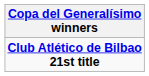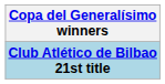 <table class="wikitable" style="text-align: center; margin: 0 auto;">
 <tr>
 <th><a href='#'>Copa del Generalísimo</a><br>winners</th>
 </tr>
 <tr>
-<td><strong><a href='#'>Club Atlético de Bilbao</a></strong><br><strong>21st title</strong></td>
+<td style="background: lightblue;"><strong><a href='#'>Club Atlético de Bilbao</a></strong><br><strong>21st title</strong></td>
 </tr>
 </table>
